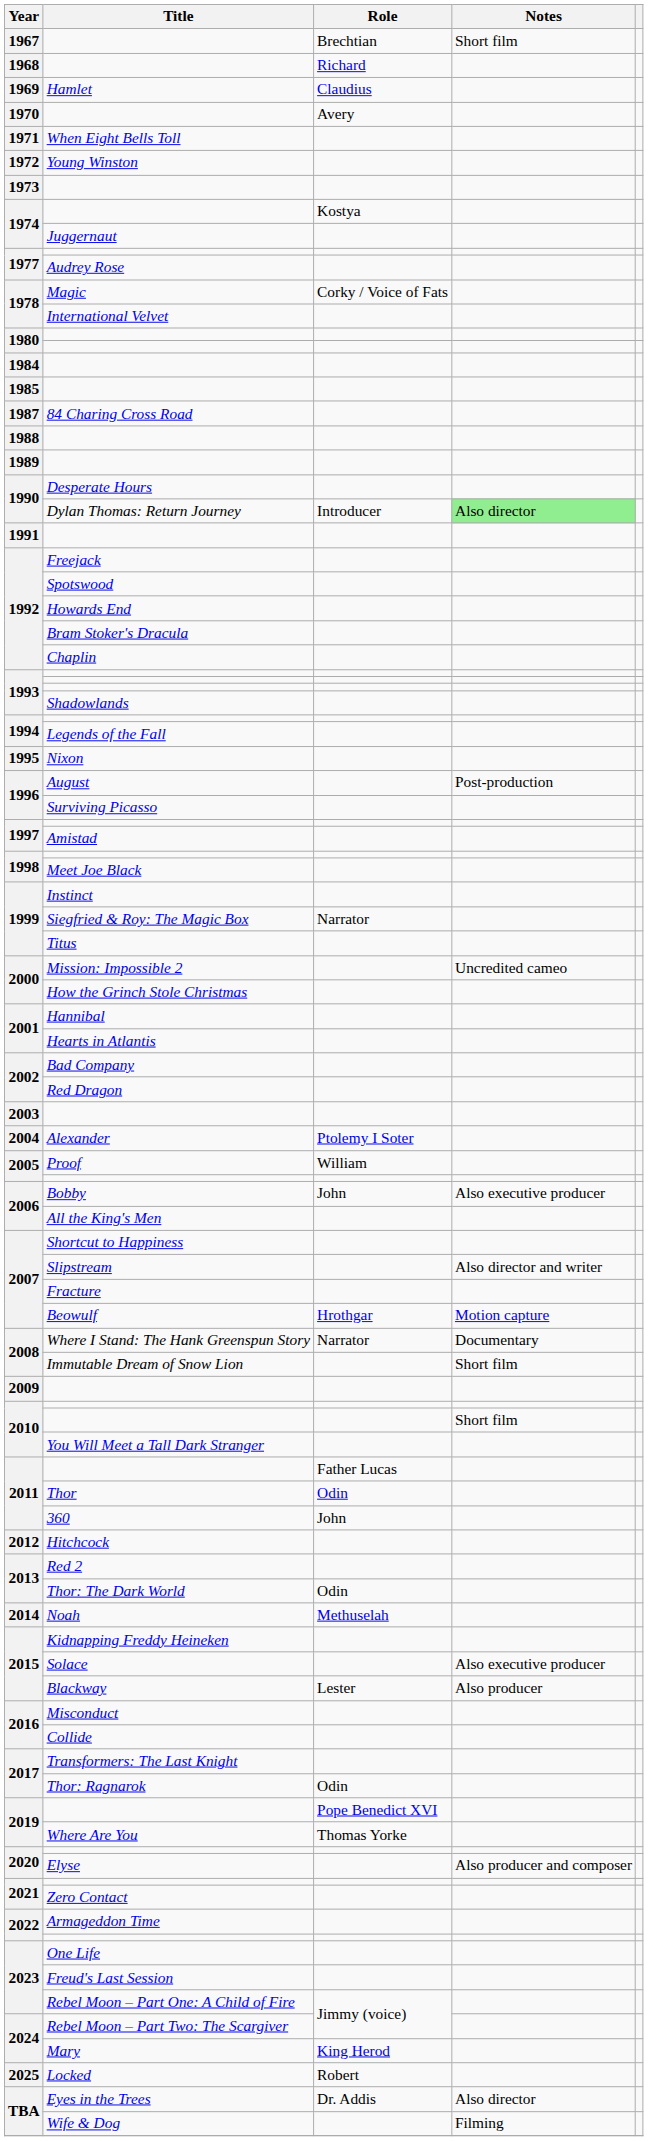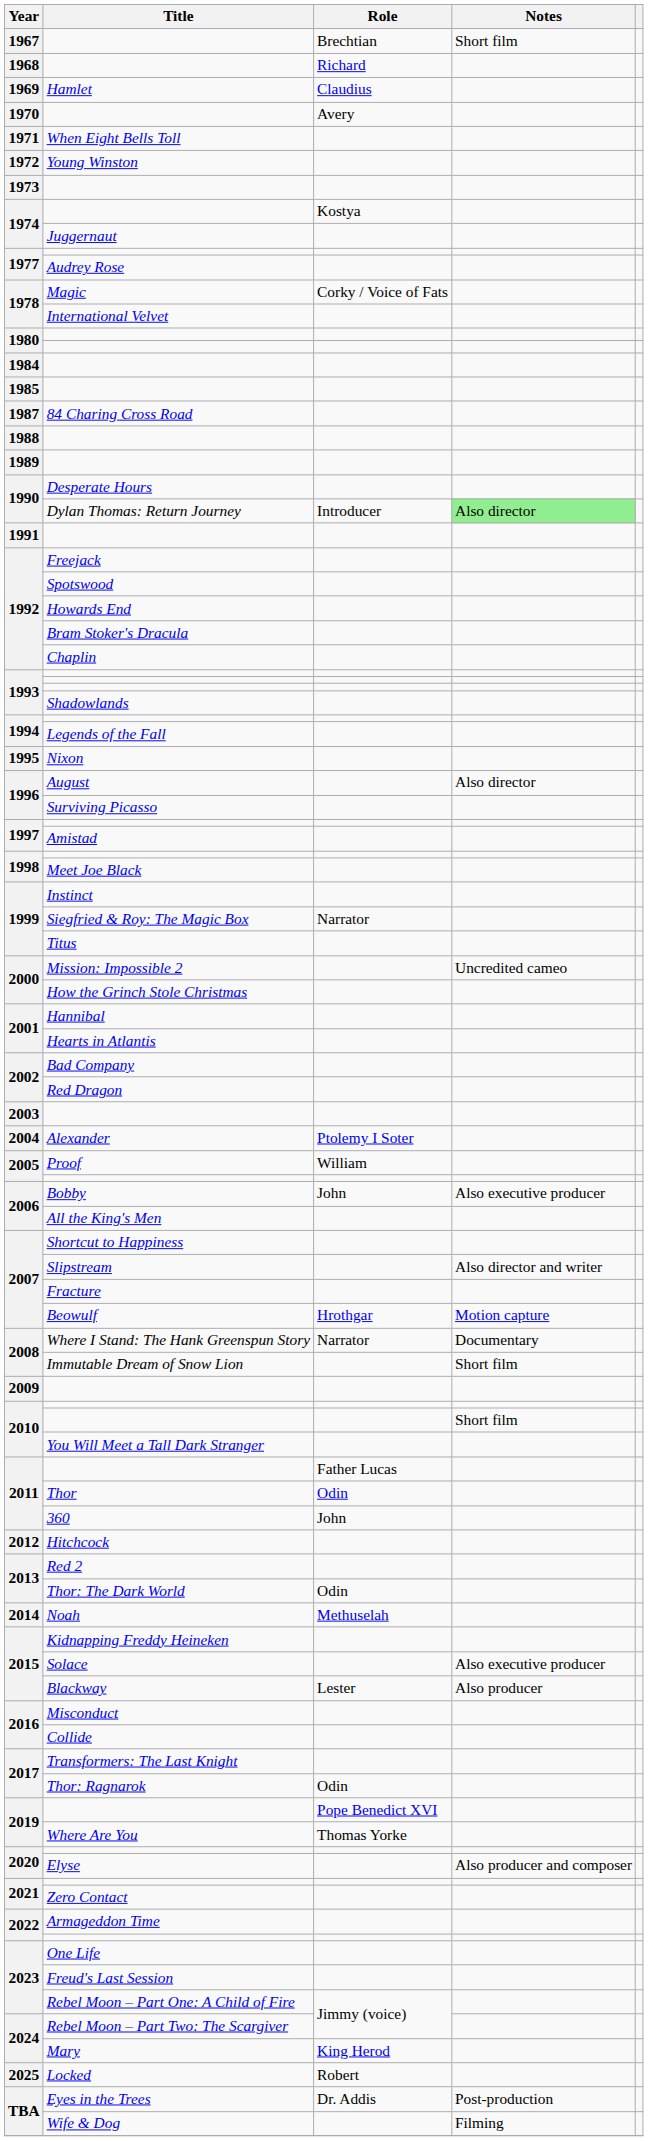 <table class="wikitable plainrowheaders sortable" style="margin-right: 0;">
 <tr>
 <th scope="col">Year</th>
 <th scope="col">Title</th>
 <th scope="col">Role</th>
 <th scope="col" class="unsortable">Notes</th>
 <th scope="col" class="unsortable"></th>
 </tr>
 <tr>
 <th scope="row">1967</th>
 <td><em></em></td>
 <td>Brechtian</td>
 <td>Short film</td>
 <td style="text-align: center;"></td>
 </tr>
 <tr>
 <th scope="row">1968</th>
 <td><em></em></td>
 <td><a href='#'>Richard</a></td>
 <td></td>
 <td style="text-align: center;"></td>
 </tr>
 <tr>
 <th scope="row">1969</th>
 <td><em><a href='#'>Hamlet</a></em></td>
 <td><a href='#'>Claudius</a></td>
 <td></td>
 <td style="text-align: center;"></td>
 </tr>
 <tr>
 <th scope="row">1970</th>
 <td><em></em></td>
 <td>Avery</td>
 <td></td>
 <td style="text-align: center;"></td>
 </tr>
 <tr>
 <th scope="row">1971</th>
 <td><em><a href='#'>When Eight Bells Toll</a></em></td>
 <td></td>
 <td></td>
 <td style="text-align: center;"></td>
 </tr>
 <tr>
 <th scope="row">1972</th>
 <td><em><a href='#'>Young Winston</a></em></td>
 <td></td>
 <td></td>
 <td style="text-align: center;"></td>
 </tr>
 <tr>
 <th scope="row">1973</th>
 <td><em></em></td>
 <td></td>
 <td></td>
 <td style="text-align: center;"></td>
 </tr>
 <tr>
 <th rowspan="2" scope="row">1974</th>
 <td><em></em></td>
 <td>Kostya</td>
 <td></td>
 <td style="text-align: center;"></td>
 </tr>
 <tr>
 <td><em><a href='#'>Juggernaut</a></em></td>
 <td></td>
 <td></td>
 <td style="text-align: center;"></td>
 </tr>
 <tr>
 <th rowspan="2" scope="row">1977</th>
 <td><em></em></td>
 <td></td>
 <td></td>
 <td style="text-align: center;"></td>
 </tr>
 <tr>
 <td><em><a href='#'>Audrey Rose</a></em></td>
 <td></td>
 <td></td>
 <td style="text-align: center;"></td>
 </tr>
 <tr>
 <th rowspan="2" scope="row">1978</th>
 <td><em><a href='#'>Magic</a></em></td>
 <td>Corky / Voice of Fats</td>
 <td></td>
 <td style="text-align: center;"></td>
 </tr>
 <tr>
 <td><em><a href='#'>International Velvet</a></em></td>
 <td></td>
 <td></td>
 <td style="text-align: center;"></td>
 </tr>
 <tr>
 <th rowspan="2" scope="row">1980</th>
 <td><em></em></td>
 <td></td>
 <td></td>
 <td style="text-align: center;"></td>
 </tr>
 <tr>
 <td><em></em></td>
 <td></td>
 <td></td>
 <td style="text-align: center;"></td>
 </tr>
 <tr>
 <th scope="row">1984</th>
 <td><em></em></td>
 <td></td>
 <td></td>
 <td style="text-align: center;"></td>
 </tr>
 <tr>
 <th scope="row">1985</th>
 <td><em></em></td>
 <td></td>
 <td></td>
 <td style="text-align: center;"></td>
 </tr>
 <tr>
 <th scope="row">1987</th>
 <td><em><a href='#'>84 Charing Cross Road</a></em></td>
 <td></td>
 <td></td>
 <td style="text-align: center;"></td>
 </tr>
 <tr>
 <th scope="row">1988</th>
 <td><em></em></td>
 <td></td>
 <td></td>
 <td style="text-align: center;"></td>
 </tr>
 <tr>
 <th scope="row">1989</th>
 <td><em></em></td>
 <td></td>
 <td></td>
 <td style="text-align: center;"></td>
 </tr>
 <tr>
 <th rowspan="2" scope="row">1990</th>
 <td><em><a href='#'>Desperate Hours</a></em></td>
 <td></td>
 <td></td>
 <td style="text-align: center;"></td>
 </tr>
 <tr>
 <td><em>Dylan Thomas: Return Journey</em></td>
 <td>Introducer</td>
 <td style="background: lightgreen;">Also director</td>
 <td style="text-align: center;"></td>
 </tr>
 <tr>
 <th scope="row">1991</th>
 <td><em></em></td>
 <td></td>
 <td></td>
 <td style="text-align: center;"></td>
 </tr>
 <tr>
 <th rowspan="5" scope="row">1992</th>
 <td><em><a href='#'>Freejack</a></em></td>
 <td></td>
 <td></td>
 <td style="text-align: center;"></td>
 </tr>
 <tr>
 <td><em><a href='#'>Spotswood</a></em></td>
 <td></td>
 <td></td>
 <td style="text-align: center;"></td>
 </tr>
 <tr>
 <td><em><a href='#'>Howards End</a></em></td>
 <td></td>
 <td></td>
 <td style="text-align: center;"></td>
 </tr>
 <tr>
 <td><em><a href='#'>Bram Stoker's Dracula</a></em></td>
 <td></td>
 <td></td>
 <td style="text-align: center;"></td>
 </tr>
 <tr>
 <td><em><a href='#'>Chaplin</a></em></td>
 <td></td>
 <td></td>
 <td style="text-align: center;"></td>
 </tr>
 <tr>
 <th rowspan="4" scope="row">1993</th>
 <td><em></em></td>
 <td></td>
 <td></td>
 <td style="text-align: center;"></td>
 </tr>
 <tr>
 <td><em></em></td>
 <td></td>
 <td></td>
 <td style="text-align: center;"></td>
 </tr>
 <tr>
 <td><em></em></td>
 <td></td>
 <td></td>
 <td style="text-align: center;"></td>
 </tr>
 <tr>
 <td><em><a href='#'>Shadowlands</a></em></td>
 <td></td>
 <td></td>
 <td style="text-align: center;"></td>
 </tr>
 <tr>
 <th rowspan="2" scope="row">1994</th>
 <td><em></em></td>
 <td></td>
 <td></td>
 <td style="text-align: center;"></td>
 </tr>
 <tr>
 <td><em><a href='#'>Legends of the Fall</a></em></td>
 <td></td>
 <td></td>
 <td style="text-align: center;"></td>
 </tr>
 <tr>
 <th scope="row">1995</th>
 <td><em><a href='#'>Nixon</a></em></td>
 <td></td>
 <td></td>
 <td style="text-align: center;"></td>
 </tr>
 <tr>
 <th rowspan="2" scope="row">1996</th>
 <td><em><a href='#'>August</a></em></td>
 <td></td>
-<td>Post-production</td>
+<td>Also director</td>
 <td style="text-align: center;"></td>
 </tr>
 <tr>
 <td><em><a href='#'>Surviving Picasso</a></em></td>
 <td></td>
 <td></td>
 <td style="text-align: center;"></td>
 </tr>
 <tr>
 <th rowspan="2" scope="row">1997</th>
 <td><em></em></td>
 <td></td>
 <td></td>
 <td style="text-align: center;"></td>
 </tr>
 <tr>
 <td><em><a href='#'>Amistad</a></em></td>
 <td></td>
 <td></td>
 <td style="text-align: center;"></td>
 </tr>
 <tr>
 <th rowspan="2" scope="row">1998</th>
 <td><em></em></td>
 <td></td>
 <td></td>
 <td style="text-align: center;"></td>
 </tr>
 <tr>
 <td><em><a href='#'>Meet Joe Black</a></em></td>
 <td></td>
 <td></td>
 <td style="text-align: center;"></td>
 </tr>
 <tr>
 <th rowspan="3" scope="row">1999</th>
 <td><em><a href='#'>Instinct</a></em></td>
 <td></td>
 <td></td>
 <td style="text-align: center;"></td>
 </tr>
 <tr>
 <td><em><a href='#'>Siegfried & Roy: The Magic Box</a></em></td>
 <td>Narrator</td>
 <td></td>
 <td style="text-align: center;"></td>
 </tr>
 <tr>
 <td><em><a href='#'>Titus</a></em></td>
 <td></td>
 <td></td>
 <td style="text-align: center;"></td>
 </tr>
 <tr>
 <th rowspan="2" scope="row">2000</th>
 <td><em><a href='#'>Mission: Impossible 2</a></em></td>
 <td></td>
 <td>Uncredited cameo</td>
 <td style="text-align: center;"></td>
 </tr>
 <tr>
 <td><em><a href='#'>How the Grinch Stole Christmas</a></em></td>
 <td></td>
 <td></td>
 <td style="text-align: center;"></td>
 </tr>
 <tr>
 <th rowspan="2" scope="row">2001</th>
 <td><em><a href='#'>Hannibal</a></em></td>
 <td></td>
 <td></td>
 <td style="text-align: center;"></td>
 </tr>
 <tr>
 <td><em><a href='#'>Hearts in Atlantis</a></em></td>
 <td></td>
 <td></td>
 <td style="text-align: center;"></td>
 </tr>
 <tr>
 <th rowspan="2" scope="row">2002</th>
 <td><em><a href='#'>Bad Company</a></em></td>
 <td></td>
 <td></td>
 <td style="text-align: center;"></td>
 </tr>
 <tr>
 <td><em><a href='#'>Red Dragon</a></em></td>
 <td></td>
 <td></td>
 <td style="text-align: center;"></td>
 </tr>
 <tr>
 <th scope="row">2003</th>
 <td><em></em></td>
 <td></td>
 <td></td>
 <td style="text-align: center;"></td>
 </tr>
 <tr>
 <th scope="row">2004</th>
 <td><em><a href='#'>Alexander</a></em></td>
 <td><a href='#'>Ptolemy I Soter</a></td>
 <td></td>
 <td style="text-align: center;"></td>
 </tr>
 <tr>
 <th rowspan="2" scope="row">2005</th>
 <td><em><a href='#'>Proof</a></em></td>
 <td>William</td>
 <td></td>
 <td style="text-align: center;"></td>
 </tr>
 <tr>
 <td><em></em></td>
 <td></td>
 <td></td>
 <td style="text-align: center;"></td>
 </tr>
 <tr>
 <th rowspan="2" scope="row">2006</th>
 <td><em><a href='#'>Bobby</a></em></td>
 <td>John</td>
 <td>Also executive producer</td>
 <td style="text-align: center;"></td>
 </tr>
 <tr>
 <td><em><a href='#'>All the King's Men</a></em></td>
 <td></td>
 <td></td>
 <td style="text-align: center;"></td>
 </tr>
 <tr>
 <th rowspan="4" scope="row">2007</th>
 <td><em><a href='#'>Shortcut to Happiness</a></em></td>
 <td></td>
 <td></td>
 <td style="text-align: center;"></td>
 </tr>
 <tr>
 <td><em><a href='#'>Slipstream</a></em></td>
 <td></td>
 <td>Also director and writer</td>
 <td style="text-align: center;"></td>
 </tr>
 <tr>
 <td><em><a href='#'>Fracture</a></em></td>
 <td></td>
 <td></td>
 <td style="text-align: center;"></td>
 </tr>
 <tr>
 <td><em><a href='#'>Beowulf</a></em></td>
 <td><a href='#'>Hrothgar</a></td>
 <td><a href='#'>Motion capture</a></td>
 <td style="text-align: center;"></td>
 </tr>
 <tr>
 <th rowspan="2" scope="row">2008</th>
 <td><em>Where I Stand: The Hank Greenspun Story</em></td>
 <td>Narrator</td>
 <td>Documentary</td>
 <td style="text-align: center;"></td>
 </tr>
 <tr>
 <td><em>Immutable Dream of Snow Lion</em></td>
 <td style="text-align: center;"></td>
 <td>Short film</td>
 <td style="text-align: center;"></td>
 </tr>
 <tr>
 <th scope="row">2009</th>
 <td><em></em></td>
 <td></td>
 <td></td>
 <td style="text-align: center;"></td>
 </tr>
 <tr>
 <th rowspan="3" scope="row">2010</th>
 <td><em></em></td>
 <td></td>
 <td></td>
 <td style="text-align: center;"></td>
 </tr>
 <tr>
 <td><em></em></td>
 <td></td>
 <td>Short film</td>
 <td style="text-align: center;"></td>
 </tr>
 <tr>
 <td><em><a href='#'>You Will Meet a Tall Dark Stranger</a></em></td>
 <td></td>
 <td></td>
 <td style="text-align: center;"></td>
 </tr>
 <tr>
 <th rowspan="3" scope="row">2011</th>
 <td><em></em></td>
 <td>Father Lucas</td>
 <td></td>
 <td style="text-align: center;"></td>
 </tr>
 <tr>
 <td><em><a href='#'>Thor</a></em></td>
 <td><a href='#'>Odin</a></td>
 <td></td>
 <td style="text-align: center;"></td>
 </tr>
 <tr>
 <td><em><a href='#'>360</a></em></td>
 <td>John</td>
 <td></td>
 <td style="text-align: center;"></td>
 </tr>
 <tr>
 <th scope="row">2012</th>
 <td><em><a href='#'>Hitchcock</a></em></td>
 <td></td>
 <td></td>
 <td style="text-align: center;"></td>
 </tr>
 <tr>
 <th rowspan="2" scope="row">2013</th>
 <td><em><a href='#'>Red 2</a></em></td>
 <td></td>
 <td></td>
 <td style="text-align: center;"></td>
 </tr>
 <tr>
 <td><em><a href='#'>Thor: The Dark World</a></em></td>
 <td>Odin</td>
 <td></td>
 <td style="text-align: center;"></td>
 </tr>
 <tr>
 <th scope="row">2014</th>
 <td><em><a href='#'>Noah</a></em></td>
 <td><a href='#'>Methuselah</a></td>
 <td></td>
 <td style="text-align: center;"></td>
 </tr>
 <tr>
 <th rowspan="3" scope="row">2015</th>
 <td><em><a href='#'>Kidnapping Freddy Heineken</a></em></td>
 <td></td>
 <td></td>
 <td style="text-align: center;"></td>
 </tr>
 <tr>
 <td><em><a href='#'>Solace</a></em></td>
 <td></td>
 <td>Also executive producer</td>
 <td style="text-align: center;"></td>
 </tr>
 <tr>
 <td><em><a href='#'>Blackway</a></em></td>
 <td>Lester</td>
 <td>Also producer</td>
 <td style="text-align: center;"></td>
 </tr>
 <tr>
 <th rowspan="2" scope="row">2016</th>
 <td><em><a href='#'>Misconduct</a></em></td>
 <td></td>
 <td></td>
 <td style="text-align: center;"></td>
 </tr>
 <tr>
 <td><em><a href='#'>Collide</a></em></td>
 <td></td>
 <td></td>
 <td style="text-align: center;"></td>
 </tr>
 <tr>
 <th rowspan="2" scope="row">2017</th>
 <td><em><a href='#'>Transformers: The Last Knight</a></em></td>
 <td></td>
 <td></td>
 <td style="text-align: center;"></td>
 </tr>
 <tr>
 <td><em><a href='#'>Thor: Ragnarok</a></em></td>
 <td>Odin</td>
 <td></td>
 <td style="text-align: center;"></td>
 </tr>
 <tr>
 <th rowspan="2" scope="row">2019</th>
 <td><em></em></td>
 <td><a href='#'>Pope Benedict XVI</a></td>
 <td></td>
 <td style="text-align: center;"></td>
 </tr>
 <tr>
 <td><em><a href='#'>Where Are You</a></em></td>
 <td>Thomas Yorke</td>
 <td></td>
 <td style="text-align: center;"></td>
 </tr>
 <tr>
 <th rowspan="2" scope="row">2020</th>
 <td><em></em></td>
 <td></td>
 <td></td>
 <td style="text-align: center;"></td>
 </tr>
 <tr>
 <td><em><a href='#'>Elyse</a></em></td>
 <td></td>
 <td>Also producer and composer</td>
 <td style="text-align: center;"></td>
 </tr>
 <tr>
 <th rowspan="2" scope="row">2021</th>
 <td><em></em></td>
 <td></td>
 <td></td>
 <td style="text-align: center;"></td>
 </tr>
 <tr>
 <td><em><a href='#'>Zero Contact</a></em></td>
 <td></td>
 <td></td>
 <td style="text-align: center;"></td>
 </tr>
 <tr>
 <th rowspan="2" scope="row">2022</th>
 <td><em><a href='#'>Armageddon Time</a></em></td>
 <td></td>
 <td></td>
 <td style="text-align: center;"></td>
 </tr>
 <tr>
 <td><em></em></td>
 <td></td>
 <td></td>
 <td style="text-align: center;"></td>
 </tr>
 <tr>
 <th rowspan="3" scope="row">2023</th>
 <td><em><a href='#'>One Life</a></em></td>
 <td></td>
 <td></td>
 <td style="text-align: center;"></td>
 </tr>
 <tr>
 <td><em><a href='#'>Freud's Last Session</a></em></td>
 <td></td>
 <td></td>
 <td style="text-align: center;"></td>
 </tr>
 <tr>
 <td><em><a href='#'>Rebel Moon – Part One: A Child of Fire</a></em></td>
 <td rowspan=2>Jimmy (voice)</td>
 <td></td>
 <td style="text-align: center;"></td>
 </tr>
 <tr>
 <th scope="row" rowspan="2">2024</th>
 <td><em><a href='#'>Rebel Moon – Part Two: The Scargiver</a></em></td>
 <td></td>
 <td></td>
 </tr>
 <tr>
 <td><em><a href='#'>Mary</a></em></td>
 <td><a href='#'>King Herod</a></td>
 <td></td>
 <td></td>
 </tr>
 <tr>
 <th scope="row">2025</th>
 <td><em><a href='#'>Locked</a></em></td>
 <td>Robert</td>
 <td></td>
 <td></td>
 </tr>
 <tr>
 <th scope="row" rowspan=2>TBA</th>
 <td><em><a href='#'>Eyes in the Trees</a></em></td>
 <td>Dr. Addis</td>
-<td>Also director</td>
+<td>Post-production</td>
 <td></td>
 </tr>
 <tr>
 <td><em><a href='#'>Wife & Dog</a></em></td>
 <td></td>
 <td>Filming</td>
 <td></td>
 </tr>
 <tr>
 </tr>
 </table>
